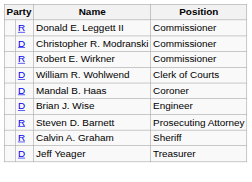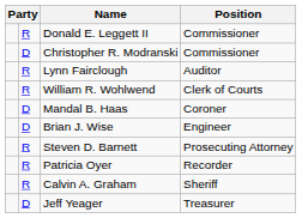 <table class=wikitable>
 <tr>
 <th colspan="2" style="text-align:center; vertical-align:bottom;">Party</th>
 <th style="text-align:center;">Name</th>
 <th valign=bottom>Position</th>
 </tr>
 <tr>
 <td style="background-color:"> </td>
 <td><a href='#'>R</a></td>
 <td>Donald E. Leggett II</td>
 <td>Commissioner</td>
 </tr>
 <tr>
 <td style="background-color:"> </td>
 <td><a href='#'>D</a></td>
 <td>Christopher R. Modranski</td>
 <td>Commissioner</td>
 </tr>
 <tr>
 <td style="background-color:"> </td>
 <td><a href='#'>R</a></td>
-<td>Robert E. Wirkner</td>
-<td>Commissioner</td>
+<td>Lynn Fairclough</td>
+<td>Auditor</td>
 </tr>
 <tr>
 <td style="background-color:"> </td>
-<td><a href='#'>D</a></td>
+<td><a href='#'>R</a></td>
 <td>William R. Wohlwend</td>
 <td>Clerk of Courts</td>
 </tr>
 <tr>
 <td style="background-color:"> </td>
 <td><a href='#'>D</a></td>
 <td>Mandal B. Haas</td>
 <td>Coroner</td>
 </tr>
 <tr>
 <td style="background-color:"> </td>
 <td><a href='#'>D</a></td>
 <td>Brian J. Wise</td>
 <td>Engineer</td>
 </tr>
 <tr>
 <td style="background-color:"> </td>
 <td><a href='#'>R</a></td>
 <td>Steven D. Barnett</td>
 <td>Prosecuting Attorney</td>
 </tr>
 <tr>
 <td style="background-color:"> </td>
 <td><a href='#'>R</a></td>
+<td>Patricia Oyer</td>
+<td>Recorder</td>
+</tr>
+<tr>
+<td style="background-color:"> </td>
+<td><a href='#'>R</a></td>
 <td>Calvin A. Graham</td>
 <td>Sheriff</td>
 </tr>
 <tr>
 <td style="background-color:"> </td>
 <td><a href='#'>D</a></td>
 <td>Jeff Yeager</td>
 <td>Treasurer</td>
 </tr>
 </table>
